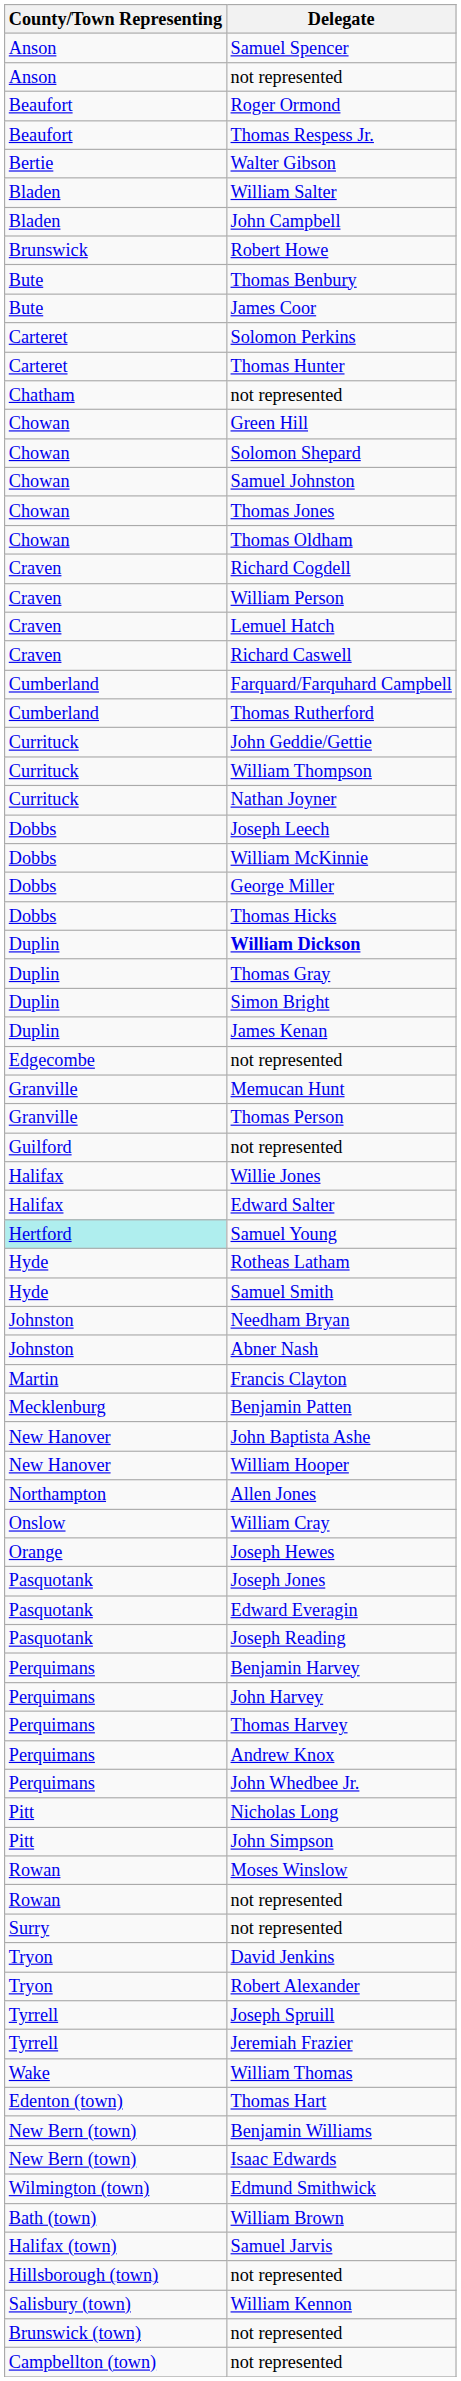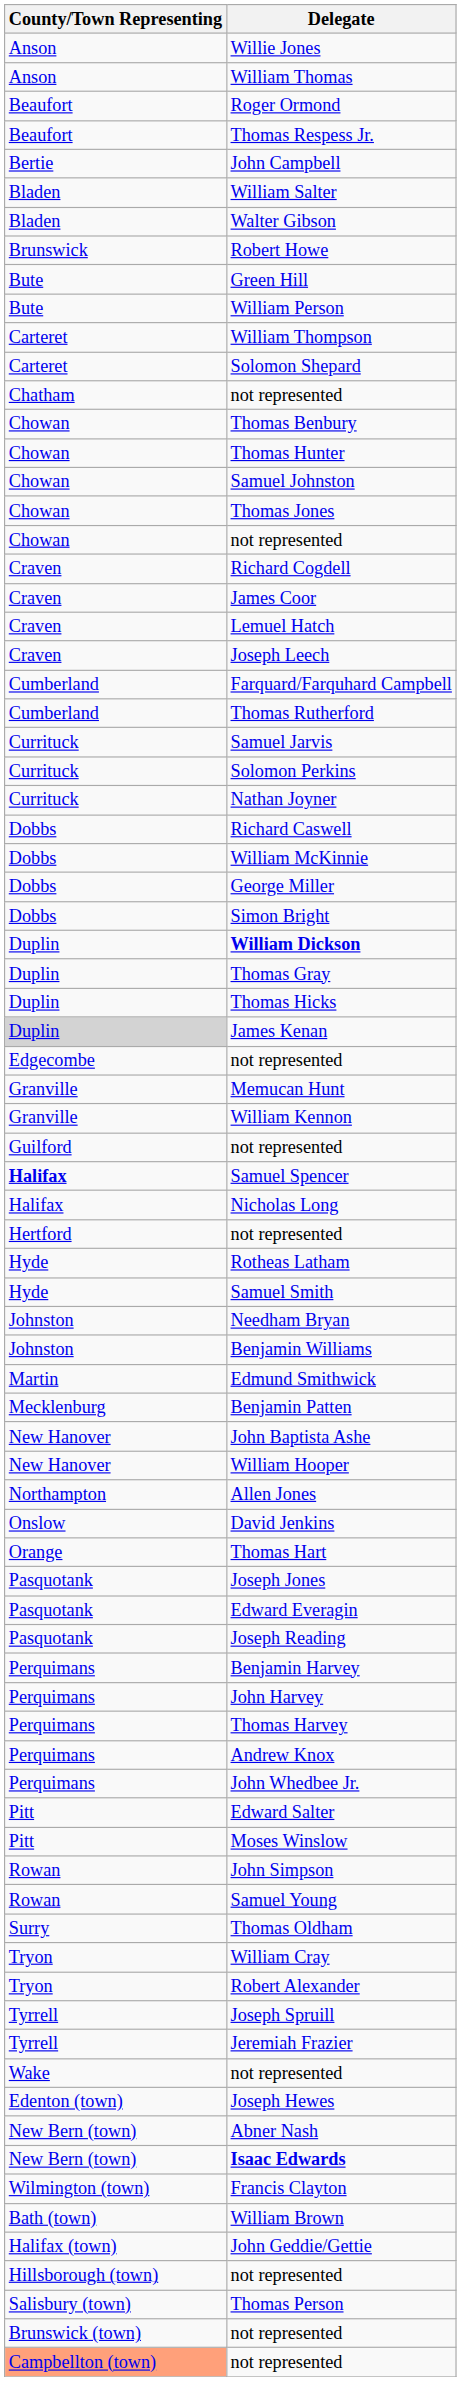 <table class="wikitable sortable mw-datatable">
 <tr>
 <th>County/Town Representing</th>
 <th>Delegate</th>
 </tr>
 <tr>
 <td><a href='#'>Anson</a></td>
-<td data-sort-value=Spencer, Samuel><a href='#'>Samuel Spencer</a></td>
+<td data-sort-value=Jones, Willie><a href='#'>Willie Jones</a></td>
 </tr>
 <tr>
 <td><a href='#'>Anson</a></td>
-<td data-sort-value=z NOT REPRESENTED>not represented</td>
+<td data-sort-value=Thomas, William><a href='#'>William Thomas</a></td>
 </tr>
 <tr>
 <td><a href='#'>Beaufort</a></td>
 <td data-sort-value=Ormond, Roger><a href='#'>Roger Ormond</a></td>
 </tr>
 <tr>
 <td><a href='#'>Beaufort</a></td>
 <td data-sort-value=Respess, Thomas, Jr.><a href='#'>Thomas Respess Jr.</a></td>
 </tr>
 <tr>
 <td><a href='#'>Bertie</a></td>
-<td data-sort-value=Gibson, Walter><a href='#'>Walter Gibson</a></td>
+<td data-sort-value=Campbell, John><a href='#'>John Campbell</a></td>
 </tr>
 <tr>
 <td><a href='#'>Bladen</a></td>
 <td data-sort-value=Salter, William><a href='#'>William Salter</a></td>
 </tr>
 <tr>
 <td><a href='#'>Bladen</a></td>
-<td data-sort-value=Campbell, John><a href='#'>John Campbell</a></td>
+<td data-sort-value=Gibson, Walter><a href='#'>Walter Gibson</a></td>
 </tr>
 <tr>
 <td><a href='#'>Brunswick</a></td>
 <td data-sort-value=Howe, Robert><a href='#'>Robert Howe</a></td>
 </tr>
 <tr>
 <td><a href='#'>Bute</a></td>
-<td data-sort-value=Benbury, Thomas><a href='#'>Thomas Benbury</a></td>
+<td data-sort-value=Hill, Green><a href='#'>Green Hill</a></td>
 </tr>
 <tr>
 <td><a href='#'>Bute</a></td>
-<td data-sort-value=Coor, James><a href='#'>James Coor</a></td>
+<td data-sort-value=Person, William><a href='#'>William Person</a></td>
 </tr>
 <tr>
 <td><a href='#'>Carteret</a></td>
-<td data-sort-value=Perkins, Solomon><a href='#'>Solomon Perkins</a></td>
+<td data-sort-value=Thompson, William><a href='#'>William Thompson</a></td>
 </tr>
 <tr>
 <td><a href='#'>Carteret</a></td>
-<td data-sort-value=Hunter, Thomas><a href='#'>Thomas Hunter</a></td>
+<td data-sort-value=Shepard, Solomon><a href='#'>Solomon Shepard</a></td>
 </tr>
 <tr>
 <td><a href='#'>Chatham</a></td>
 <td data-sort-value=z NOT REPRESENTED>not represented</td>
 </tr>
 <tr>
 <td><a href='#'>Chowan</a></td>
-<td data-sort-value=Hill, Green><a href='#'>Green Hill</a></td>
+<td data-sort-value=Benbury, Thomas><a href='#'>Thomas Benbury</a></td>
 </tr>
 <tr>
 <td><a href='#'>Chowan</a></td>
-<td data-sort-value=Shepard, Solomon><a href='#'>Solomon Shepard</a></td>
+<td data-sort-value=Hunter, Thomas><a href='#'>Thomas Hunter</a></td>
 </tr>
 <tr>
 <td><a href='#'>Chowan</a></td>
 <td data-sort-value=Johnston, Samuel><a href='#'>Samuel Johnston</a></td>
 </tr>
 <tr>
 <td><a href='#'>Chowan</a></td>
 <td data-sort-value=Jones, Thomas><a href='#'>Thomas Jones</a></td>
 </tr>
 <tr>
 <td><a href='#'>Chowan</a></td>
-<td data-sort-value=Oldham, Thomas><a href='#'>Thomas Oldham</a></td>
+<td data-sort-value=z NOT REPRESENTED>not represented</td>
 </tr>
 <tr>
 <td><a href='#'>Craven</a></td>
 <td data-sort-value=Cogdell, Richard><a href='#'>Richard Cogdell</a></td>
 </tr>
 <tr>
 <td><a href='#'>Craven</a></td>
-<td data-sort-value=Person, William><a href='#'>William Person</a></td>
+<td data-sort-value=Coor, James><a href='#'>James Coor</a></td>
 </tr>
 <tr>
 <td><a href='#'>Craven</a></td>
 <td data-sort-value=Hatch, Lemuel><a href='#'>Lemuel Hatch</a></td>
 </tr>
 <tr>
 <td><a href='#'>Craven</a></td>
-<td data-sort-value=Caswell, Richard><a href='#'>Richard Caswell</a></td>
+<td data-sort-value=Leech, Joseph><a href='#'>Joseph Leech</a></td>
 </tr>
 <tr>
 <td><a href='#'>Cumberland</a></td>
 <td data-sort-value=Campbell, Farquard><a href='#'>Farquard/Farquhard Campbell</a></td>
 </tr>
 <tr>
 <td><a href='#'>Cumberland</a></td>
 <td data-sort-value=Rutherford, Thomas><a href='#'>Thomas Rutherford</a></td>
 </tr>
 <tr>
 <td><a href='#'>Currituck</a></td>
-<td data-sort-value=Geddy, John><a href='#'>John Geddie/Gettie</a></td>
+<td data-sort-value=Jarvis, Samuel><a href='#'>Samuel Jarvis</a></td>
 </tr>
 <tr>
 <td><a href='#'>Currituck</a></td>
-<td data-sort-value=Thompson, William><a href='#'>William Thompson</a></td>
+<td data-sort-value=Perkins, Solomon><a href='#'>Solomon Perkins</a></td>
 </tr>
 <tr>
 <td><a href='#'>Currituck</a></td>
 <td data-sort-value=Joyner, Nathan><a href='#'>Nathan Joyner</a></td>
 </tr>
 <tr>
 <td><a href='#'>Dobbs</a></td>
-<td data-sort-value=Leech, Joseph><a href='#'>Joseph Leech</a></td>
+<td data-sort-value=Caswell, Richard><a href='#'>Richard Caswell</a></td>
 </tr>
 <tr>
 <td><a href='#'>Dobbs</a></td>
 <td data-sort-value=William, McKinnie.><a href='#'>William McKinnie</a></td>
 </tr>
 <tr>
 <td><a href='#'>Dobbs</a></td>
 <td data-sort-value=Miller, George><a href='#'>George Miller</a></td>
 </tr>
 <tr>
 <td><a href='#'>Dobbs</a></td>
-<td data-sort-value=Hicks, Thomas><a href='#'>Thomas Hicks</a></td>
+<td data-sort-value=Bright, Simon><a href='#'>Simon Bright</a></td>
 </tr>
 <tr>
 <td><a href='#'>Duplin</a></td>
 <td data-sort-value=Dickson, William><strong><a href='#'>William Dickson</a></strong></td>
 </tr>
 <tr>
 <td><a href='#'>Duplin</a></td>
 <td data-sort-value=Gray, Thomas><a href='#'>Thomas Gray</a></td>
 </tr>
 <tr>
 <td><a href='#'>Duplin</a></td>
-<td data-sort-value=Bright, Simon><a href='#'>Simon Bright</a></td>
+<td data-sort-value=Hicks, Thomas><a href='#'>Thomas Hicks</a></td>
 </tr>
 <tr>
-<td><a href='#'>Duplin</a></td>
+<td style="background: lightgrey;"><a href='#'>Duplin</a></td>
 <td data-sort-value=Kenan, James><a href='#'>James Kenan</a></td>
 </tr>
 <tr>
 <td><a href='#'>Edgecombe</a></td>
 <td data-sort-value=z NOT REPRESENTED>not represented</td>
 </tr>
 <tr>
 <td><a href='#'>Granville</a></td>
 <td data-sort-value=Hunt, Memucan><a href='#'>Memucan Hunt</a></td>
 </tr>
 <tr>
 <td><a href='#'>Granville</a></td>
-<td data-sort-value=Person, Thomas><a href='#'>Thomas Person</a></td>
+<td data-sort-value=Kennon, William><a href='#'>William Kennon</a></td>
 </tr>
 <tr>
 <td><a href='#'>Guilford</a></td>
 <td data-sort-value=z NOT REPRESENTED>not represented</td>
 </tr>
 <tr>
-<td><a href='#'>Halifax</a></td>
-<td data-sort-value=Jones, Willie><a href='#'>Willie Jones</a></td>
+<td><strong><a href='#'>Halifax</a></strong></td>
+<td data-sort-value=Spencer, Samuel><a href='#'>Samuel Spencer</a></td>
 </tr>
 <tr>
 <td><a href='#'>Halifax</a></td>
-<td data-sort-value=Salter, Edward><a href='#'>Edward Salter</a></td>
+<td data-sort-value=Long, Nicholas><a href='#'>Nicholas Long</a></td>
 </tr>
 <tr>
-<td style="background: paleturquoise;"><a href='#'>Hertford</a></td>
-<td data-sort-value=Young, Samuel><a href='#'>Samuel Young</a></td>
+<td><a href='#'>Hertford</a></td>
+<td data-sort-value=z NOT REPRESENTED>not represented</td>
 </tr>
 <tr>
 <td><a href='#'>Hyde</a></td>
 <td data-sort-value=Latham, Rotheas><a href='#'>Rotheas Latham</a></td>
 </tr>
 <tr>
 <td><a href='#'>Hyde</a></td>
 <td data-sort-value=Smith, Samuel><a href='#'>Samuel Smith</a></td>
 </tr>
 <tr>
 <td><a href='#'>Johnston</a></td>
 <td data-sort-value=Bryan, Needham><a href='#'>Needham Bryan</a></td>
 </tr>
 <tr>
 <td><a href='#'>Johnston</a></td>
-<td data-sort-value=Nash, Abner><a href='#'>Abner Nash</a></td>
+<td data-sort-value=Williams, Benjamin><a href='#'>Benjamin Williams</a></td>
 </tr>
 <tr>
 <td><a href='#'>Martin</a></td>
-<td data-sort-value=Clayton, Francis><a href='#'>Francis Clayton</a></td>
+<td data-sort-value=Smithwick, Edmund><a href='#'>Edmund Smithwick</a></td>
 </tr>
 <tr>
 <td><a href='#'>Mecklenburg</a></td>
 <td data-sort-value=Patten, Benjamin><a href='#'>Benjamin Patten</a></td>
 </tr>
 <tr>
 <td><a href='#'>New Hanover</a></td>
 <td data-sort-value=Ashe, John><a href='#'>John Baptista Ashe</a></td>
 </tr>
 <tr>
 <td><a href='#'>New Hanover</a></td>
 <td data-sort-value=Hooper, William><a href='#'>William Hooper</a></td>
 </tr>
 <tr>
 <td><a href='#'>Northampton</a></td>
 <td data-sort-value=Jones, Allen><a href='#'>Allen Jones</a></td>
 </tr>
 <tr>
 <td><a href='#'>Onslow</a></td>
-<td data-sort-value=Cray, William><a href='#'>William Cray</a></td>
+<td data-sort-value=Jenkins, David><a href='#'>David Jenkins</a></td>
 </tr>
 <tr>
 <td><a href='#'>Orange</a></td>
-<td data-sort-value=Hewes, Joseph><a href='#'>Joseph Hewes</a></td>
+<td data-sort-value=Hart, Thomas><a href='#'>Thomas Hart</a></td>
 </tr>
 <tr>
 <td><a href='#'>Pasquotank</a></td>
 <td data-sort-value=Jones, Joseph><a href='#'>Joseph Jones</a></td>
 </tr>
 <tr>
 <td><a href='#'>Pasquotank</a></td>
 <td data-sort-value=Everagin, Edward><a href='#'>Edward Everagin</a></td>
 </tr>
 <tr>
 <td><a href='#'>Pasquotank</a></td>
 <td data-sort-value=Reading, Joseph><a href='#'>Joseph Reading</a></td>
 </tr>
 <tr>
 <td><a href='#'>Perquimans</a></td>
 <td data-sort-value=Harvey, Benjamin><a href='#'>Benjamin Harvey</a></td>
 </tr>
 <tr>
 <td><a href='#'>Perquimans</a></td>
 <td data-sort-value=Harvey, John><a href='#'>John Harvey</a></td>
 </tr>
 <tr>
 <td><a href='#'>Perquimans</a></td>
 <td data-sort-value=Harvey, Thomas><a href='#'>Thomas Harvey</a></td>
 </tr>
 <tr>
 <td><a href='#'>Perquimans</a></td>
 <td data-sort-value=Knox, Andrew><a href='#'>Andrew Knox</a></td>
 </tr>
 <tr>
 <td><a href='#'>Perquimans</a></td>
 <td data-sort-value=Whedbee, John, Jr.><a href='#'>John Whedbee Jr.</a></td>
 </tr>
 <tr>
 <td><a href='#'>Pitt</a></td>
-<td data-sort-value=Long, Nicholas><a href='#'>Nicholas Long</a></td>
+<td data-sort-value=Salter, Edward><a href='#'>Edward Salter</a></td>
 </tr>
 <tr>
 <td><a href='#'>Pitt</a></td>
+<td data-sort-value=Winslow, Moses><a href='#'>Moses Winslow</a></td>
+</tr>
+<tr>
+<td><a href='#'>Rowan</a></td>
 <td data-sort-value=Simpson, John><a href='#'>John Simpson</a></td>
 </tr>
 <tr>
 <td><a href='#'>Rowan</a></td>
-<td data-sort-value=Winslow, Moses><a href='#'>Moses Winslow</a></td>
-</tr>
-<tr>
-<td><a href='#'>Rowan</a></td>
-<td data-sort-value=z NOT REPRESENTED>not represented</td>
+<td data-sort-value=Young, Samuel><a href='#'>Samuel Young</a></td>
 </tr>
 <tr>
 <td><a href='#'>Surry</a></td>
-<td data-sort-value=z NOT REPRESENTED>not represented</td>
+<td data-sort-value=Oldham, Thomas><a href='#'>Thomas Oldham</a></td>
 </tr>
 <tr>
 <td><a href='#'>Tryon</a></td>
-<td data-sort-value=Jenkins, David><a href='#'>David Jenkins</a></td>
+<td data-sort-value=Cray, William><a href='#'>William Cray</a></td>
 </tr>
 <tr>
 <td><a href='#'>Tryon</a></td>
 <td data-sort-value=Alexander, Robert><a href='#'>Robert Alexander</a></td>
 </tr>
 <tr>
 <td><a href='#'>Tyrrell</a></td>
 <td data-sort-value=Spruill, Joseph><a href='#'>Joseph Spruill</a></td>
 </tr>
 <tr>
 <td><a href='#'>Tyrrell</a></td>
 <td data-sort-value=Frazier, Jeremiah><a href='#'>Jeremiah Frazier</a></td>
 </tr>
 <tr>
 <td><a href='#'>Wake</a></td>
-<td data-sort-value=Thomas, William><a href='#'>William Thomas</a></td>
+<td data-sort-value=z NOT REPRESENTED>not represented</td>
 </tr>
 <tr>
 <td><a href='#'>Edenton (town)</a></td>
-<td data-sort-value=Hart, Thomas><a href='#'>Thomas Hart</a></td>
+<td data-sort-value=Hewes, Joseph><a href='#'>Joseph Hewes</a></td>
 </tr>
 <tr>
 <td><a href='#'>New Bern (town)</a></td>
-<td data-sort-value=Williams, Benjamin><a href='#'>Benjamin Williams</a></td>
+<td data-sort-value=Nash, Abner><a href='#'>Abner Nash</a></td>
 </tr>
 <tr>
 <td><a href='#'>New Bern (town)</a></td>
-<td data-sort-value=Edwards, Isaac><a href='#'>Isaac Edwards</a></td>
+<td data-sort-value=Edwards, Isaac><strong><a href='#'>Isaac Edwards</a></strong></td>
 </tr>
 <tr>
 <td><a href='#'>Wilmington (town)</a></td>
-<td data-sort-value=Smithwick, Edmund><a href='#'>Edmund Smithwick</a></td>
+<td data-sort-value=Clayton, Francis><a href='#'>Francis Clayton</a></td>
 </tr>
 <tr>
 <td><a href='#'>Bath (town)</a></td>
 <td data-sort-value=Brown, William><a href='#'>William Brown</a></td>
 </tr>
 <tr>
 <td><a href='#'>Halifax (town)</a></td>
-<td data-sort-value=Jarvis, Samuel><a href='#'>Samuel Jarvis</a></td>
+<td data-sort-value=Geddy, John><a href='#'>John Geddie/Gettie</a></td>
 </tr>
 <tr>
 <td><a href='#'>Hillsborough (town)</a></td>
 <td data-sort-value=z NOT REPRESENTED>not represented</td>
 </tr>
 <tr>
 <td><a href='#'>Salisbury (town)</a></td>
-<td data-sort-value=Kennon, William><a href='#'>William Kennon</a></td>
+<td data-sort-value=Person, Thomas><a href='#'>Thomas Person</a></td>
 </tr>
 <tr>
 <td><a href='#'>Brunswick (town)</a></td>
 <td data-sort-value=z NOT REPRESENTED>not represented</td>
 </tr>
 <tr>
-<td><a href='#'>Campbellton (town)</a></td>
+<td style="background: lightsalmon;"><a href='#'>Campbellton (town)</a></td>
 <td data-sort-value=z NOT REPRESENTED>not represented</td>
 </tr>
 </table>
